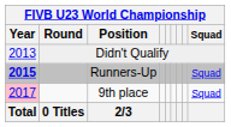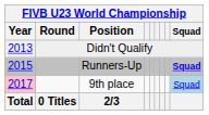 <table class="wikitable" style="text-align: center;">
 <tr>
 <th colspan=9><a href='#'>FIVB U23 World Championship</a></th>
 </tr>
 <tr>
 <th>Year</th>
 <th>Round</th>
 <th>Position</th>
 <th></th>
 <th></th>
 <th></th>
 <th></th>
 <th></th>
 <th><small>Squad</small></th>
 </tr>
 <tr bgcolor="efefef">
 <td> <a href='#'>2013</a></td>
 <td colspan=9>Didn't Qualify</td>
 </tr>
 <tr bgcolor=silver>
-<td><strong> <a href='#'>2015</a></strong></td>
+<td> <a href='#'>2015</a></td>
 <td></td>
 <td>Runners-Up</td>
 <td></td>
 <td></td>
 <td></td>
 <td></td>
 <td></td>
-<td><small><a href='#'>Squad</a></small></td>
+<td><strong><small><a href='#'>Squad</a></small></strong></td>
 </tr>
 <tr>
 <td style="background: pink;"> <a href='#'>2017</a></td>
 <td></td>
 <td>9th place</td>
 <td></td>
 <td></td>
 <td></td>
 <td></td>
 <td></td>
-<td><small><a href='#'>Squad</a></small></td>
+<td style="background: lightblue;"><small><a href='#'>Squad</a></small></td>
 </tr>
 <tr>
 <th>Total</th>
 <th>0 Titles</th>
 <th>2/3</th>
 <th></th>
 <th></th>
 <th></th>
 <th></th>
 <th></th>
 <th></th>
 </tr>
 </table>
